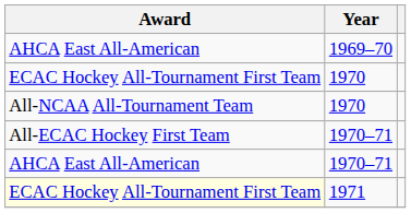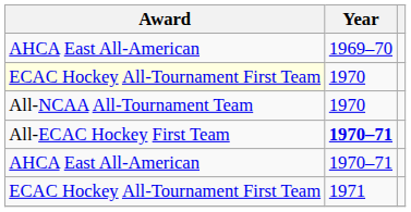 <table class="wikitable">
 <tr>
 <th>Award</th>
 <th>Year</th>
 <th></th>
 </tr>
 <tr>
 <td><a href='#'>AHCA</a> <a href='#'>East All-American</a></td>
 <td><a href='#'>1969–70</a></td>
 <td></td>
 </tr>
 <tr>
-<td><a href='#'>ECAC Hockey</a> <a href='#'>All-Tournament First Team</a></td>
+<td style="background: lightyellow;"><a href='#'>ECAC Hockey</a> <a href='#'>All-Tournament First Team</a></td>
 <td><a href='#'>1970</a></td>
 <td></td>
 </tr>
 <tr>
 <td>All-<a href='#'>NCAA</a> <a href='#'>All-Tournament Team</a></td>
 <td><a href='#'>1970</a></td>
 <td></td>
 </tr>
 <tr>
 <td>All-<a href='#'>ECAC Hockey</a> <a href='#'>First Team</a></td>
-<td><a href='#'>1970–71</a></td>
+<td><strong><a href='#'>1970–71</a></strong></td>
 <td></td>
 </tr>
 <tr>
 <td><a href='#'>AHCA</a> <a href='#'>East All-American</a></td>
 <td><a href='#'>1970–71</a></td>
 <td></td>
 </tr>
 <tr>
-<td style="background: lightyellow;"><a href='#'>ECAC Hockey</a> <a href='#'>All-Tournament First Team</a></td>
+<td><a href='#'>ECAC Hockey</a> <a href='#'>All-Tournament First Team</a></td>
 <td><a href='#'>1971</a></td>
 <td></td>
 </tr>
 <tr ECAC Player of the Year 1979/71>
 </tr>
 </table>
